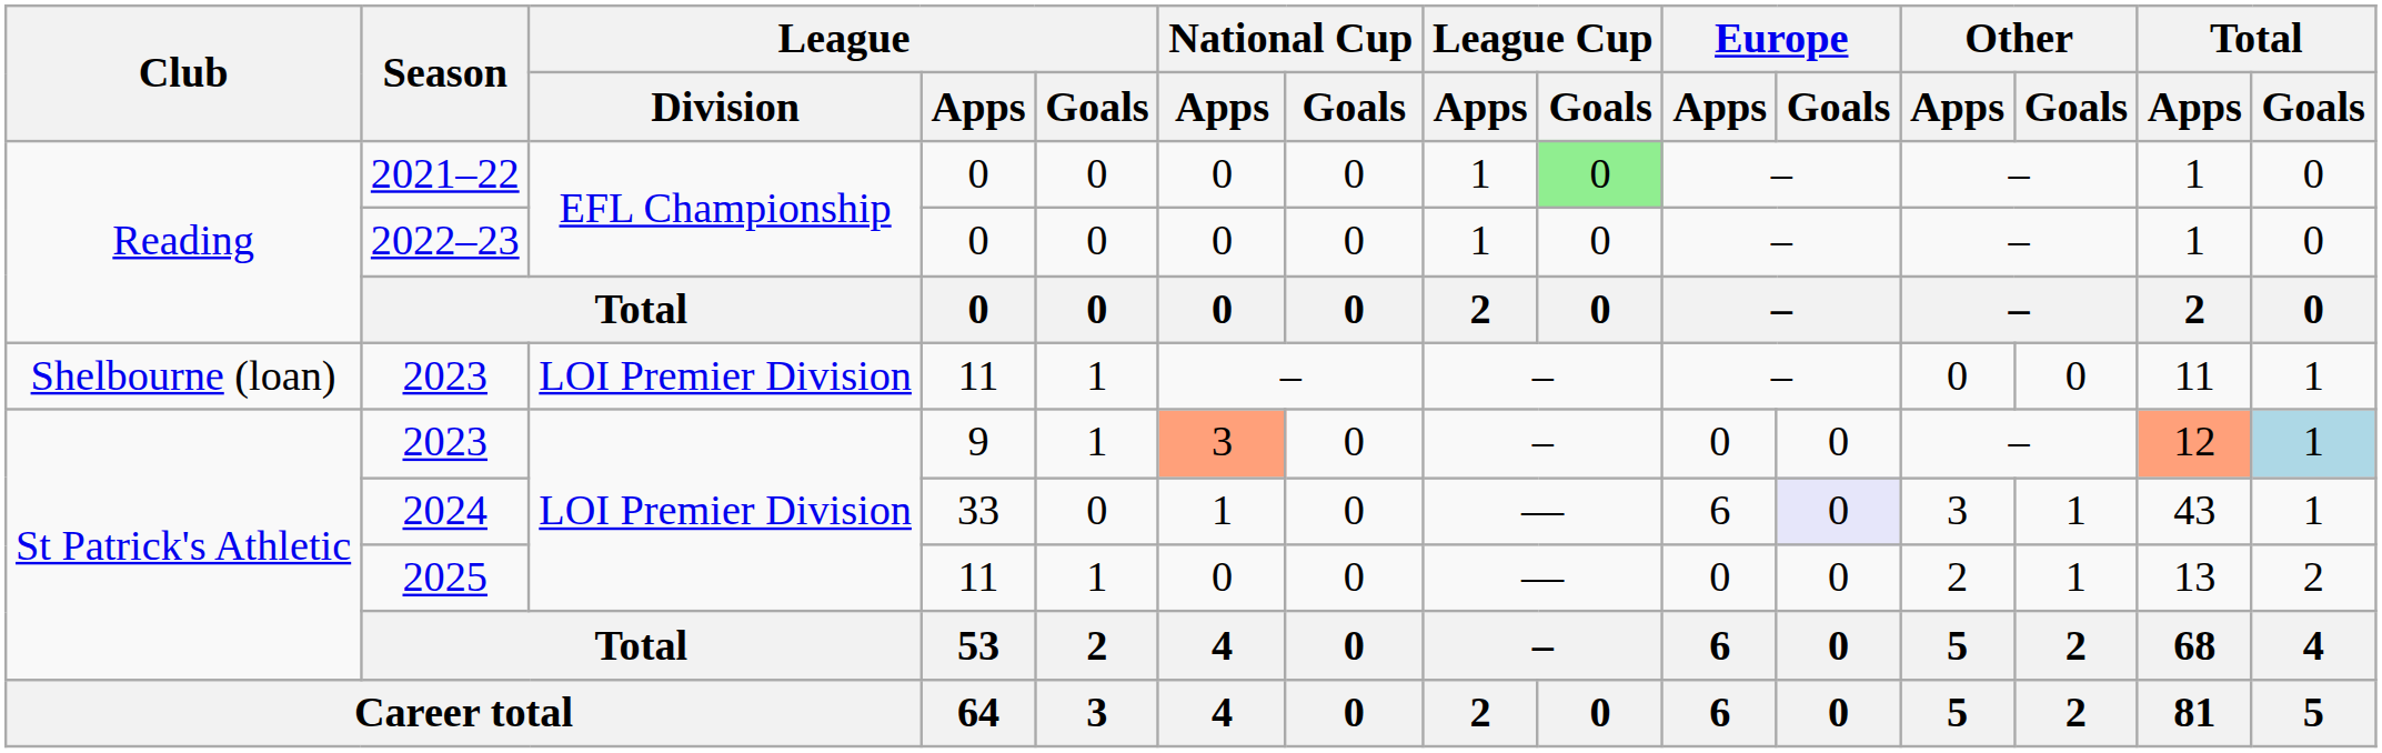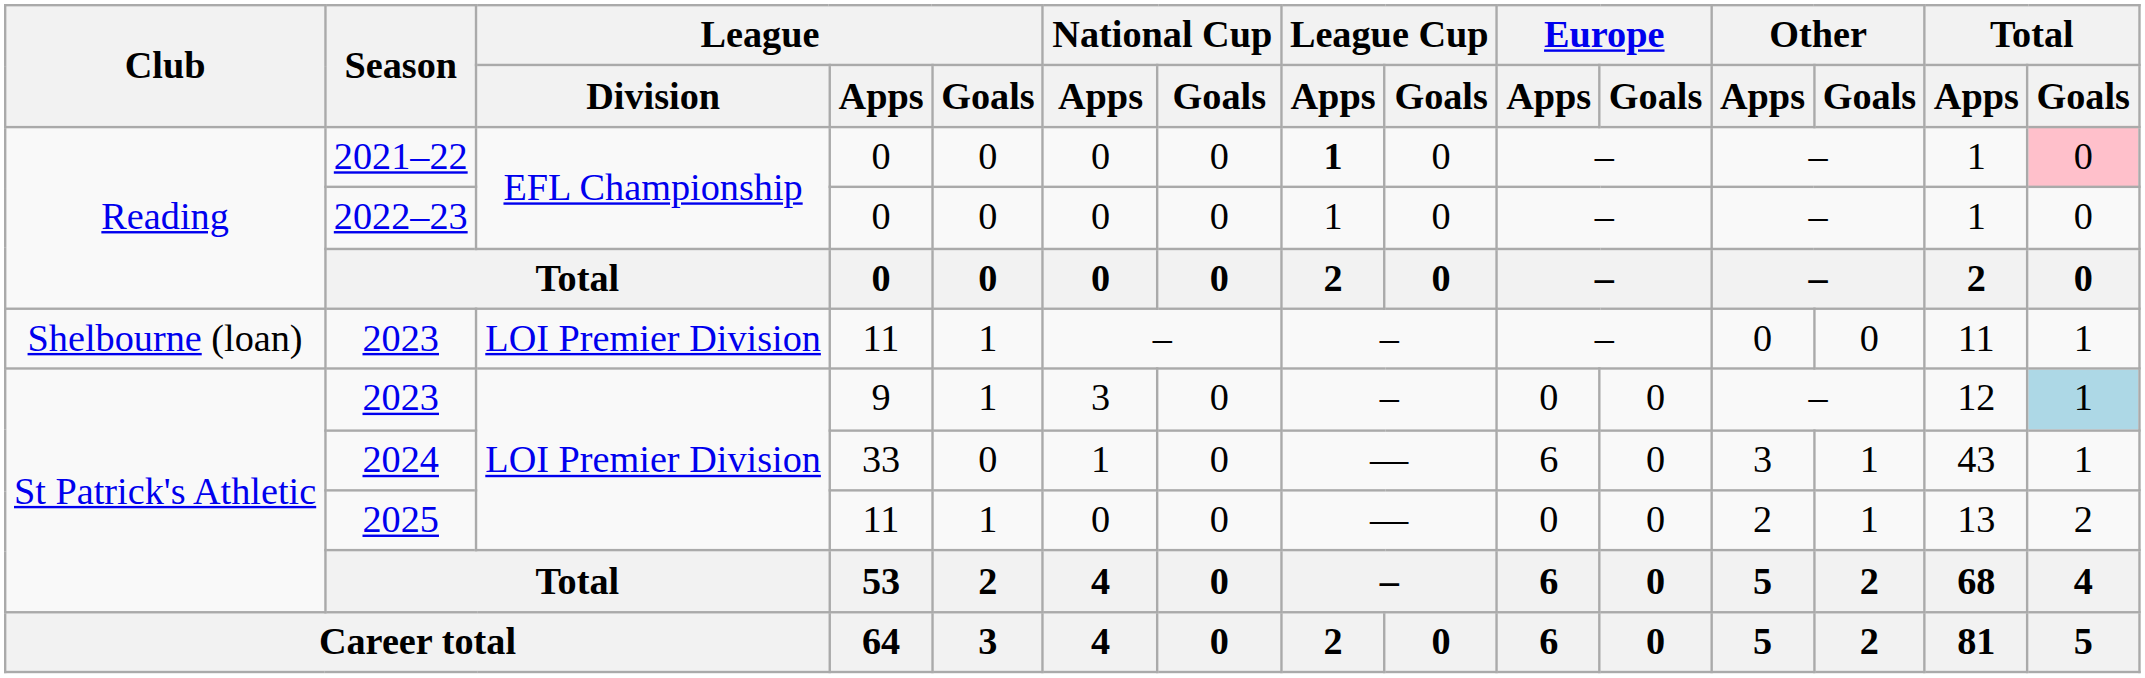 <table class="wikitable" style="text-align: center">
 <tr>
 <th rowspan="2">Club</th>
 <th rowspan="2">Season</th>
 <th colspan="3">League</th>
 <th colspan="2">National Cup</th>
 <th colspan="2">League Cup</th>
 <th colspan="2"><a href='#'>Europe</a></th>
 <th colspan="2">Other</th>
 <th colspan="2">Total</th>
 </tr>
 <tr>
 <th>Division</th>
 <th>Apps</th>
 <th>Goals</th>
 <th>Apps</th>
 <th>Goals</th>
 <th>Apps</th>
 <th>Goals</th>
 <th>Apps</th>
 <th>Goals</th>
 <th>Apps</th>
 <th>Goals</th>
 <th>Apps</th>
 <th>Goals</th>
 </tr>
 <tr>
 <td rowspan="3"><a href='#'>Reading</a></td>
 <td><a href='#'>2021–22</a></td>
 <td rowspan="2"><a href='#'>EFL Championship</a></td>
 <td>0</td>
 <td>0</td>
 <td>0</td>
 <td>0</td>
-<td>1</td>
-<td style="background: lightgreen;">0</td>
+<td><strong>1</strong></td>
+<td>0</td>
 <td colspan="2">–</td>
 <td colspan="2">–</td>
 <td>1</td>
-<td>0</td>
+<td style="background: pink;">0</td>
 </tr>
 <tr>
 <td><a href='#'>2022–23</a></td>
 <td>0</td>
 <td>0</td>
 <td>0</td>
 <td>0</td>
 <td>1</td>
 <td>0</td>
 <td colspan="2">–</td>
 <td colspan="2">–</td>
 <td>1</td>
 <td>0</td>
 </tr>
 <tr>
 <th colspan="2">Total</th>
 <th>0</th>
 <th>0</th>
 <th>0</th>
 <th>0</th>
 <th>2</th>
 <th>0</th>
 <th colspan="2">–</th>
 <th colspan="2">–</th>
 <th>2</th>
 <th>0</th>
 </tr>
 <tr>
 <td><a href='#'>Shelbourne</a> (loan)</td>
 <td><a href='#'>2023</a></td>
 <td><a href='#'>LOI Premier Division</a></td>
 <td>11</td>
 <td>1</td>
 <td colspan="2">–</td>
 <td colspan="2">–</td>
 <td colspan="2">–</td>
 <td>0</td>
 <td>0</td>
 <td>11</td>
 <td>1</td>
 </tr>
 <tr>
 <td rowspan="4"><a href='#'>St Patrick's Athletic</a></td>
 <td><a href='#'>2023</a></td>
 <td rowspan="3"><a href='#'>LOI Premier Division</a></td>
 <td>9</td>
 <td>1</td>
-<td style="background: lightsalmon;">3</td>
+<td>3</td>
 <td>0</td>
 <td colspan="2">–</td>
 <td>0</td>
 <td>0</td>
 <td colspan="2">–</td>
-<td style="background: lightsalmon;">12</td>
+<td>12</td>
 <td style="background: lightblue;">1</td>
 </tr>
 <tr>
 <td><a href='#'>2024</a></td>
 <td>33</td>
 <td>0</td>
 <td>1</td>
 <td>0</td>
 <td colspan="2">—</td>
 <td>6</td>
-<td style="background: lavender;">0</td>
+<td>0</td>
 <td>3</td>
 <td>1</td>
 <td>43</td>
 <td>1</td>
 </tr>
 <tr>
 <td><a href='#'>2025</a></td>
 <td>11</td>
 <td>1</td>
 <td>0</td>
 <td>0</td>
 <td colspan="2">—</td>
 <td>0</td>
 <td>0</td>
 <td>2</td>
 <td>1</td>
 <td>13</td>
 <td>2</td>
 </tr>
 <tr>
 <th colspan="2">Total</th>
 <th>53</th>
 <th>2</th>
 <th>4</th>
 <th>0</th>
 <th colspan="2">–</th>
 <th>6</th>
 <th>0</th>
 <th>5</th>
 <th>2</th>
 <th>68</th>
 <th>4</th>
 </tr>
 <tr>
 <th colspan="3">Career total</th>
 <th>64</th>
 <th>3</th>
 <th>4</th>
 <th>0</th>
 <th>2</th>
 <th>0</th>
 <th>6</th>
 <th>0</th>
 <th>5</th>
 <th>2</th>
 <th>81</th>
 <th>5</th>
 </tr>
 </table>
